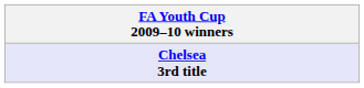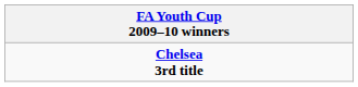 <table class="wikitable" style="text-align: center; margin: 0 auto; width: 20%">
 <tr>
 <th><a href='#'>FA Youth Cup</a><br>2009–10 winners</th>
 </tr>
 <tr>
-<td style="background: lavender;"><strong><a href='#'>Chelsea</a></strong><br><strong>3rd title</strong></td>
+<td><strong><a href='#'>Chelsea</a></strong><br><strong>3rd title</strong></td>
 </tr>
 </table>
